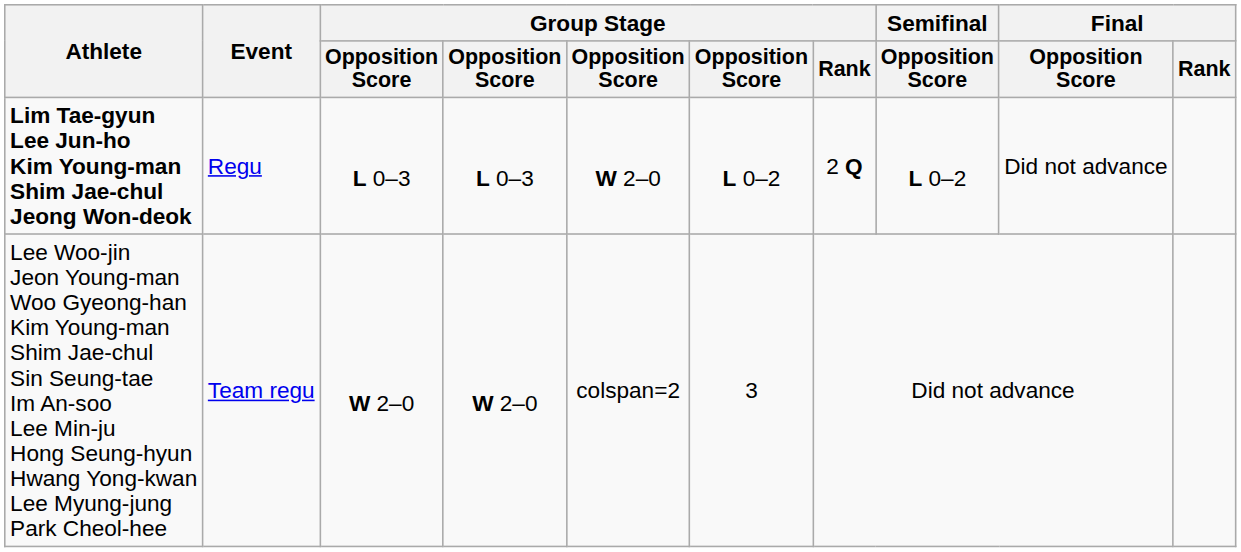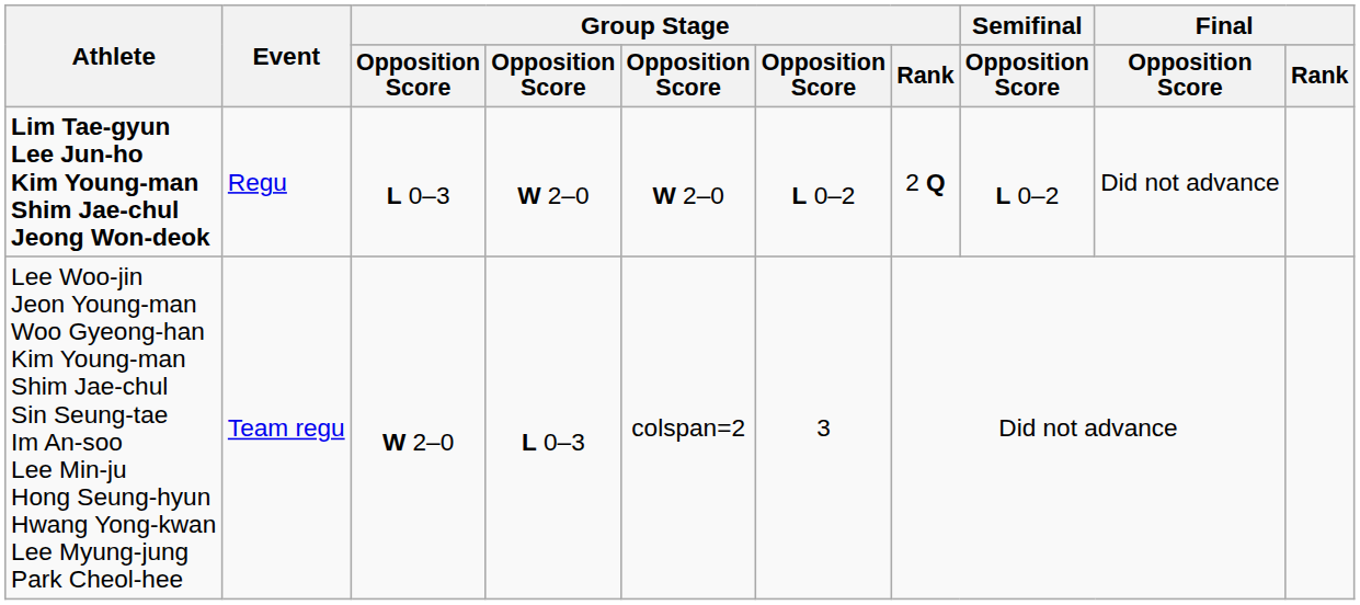 <table class=wikitable style=font-size:90%;text-align:center>
 <tr>
 <th rowspan="2">Athlete</th>
 <th rowspan="2">Event</th>
 <th colspan=5>Group Stage</th>
 <th>Semifinal</th>
 <th colspan=2>Final</th>
 </tr>
 <tr style="font-size:95%">
 <th>Opposition<br>Score</th>
 <th>Opposition<br>Score</th>
 <th>Opposition<br>Score</th>
 <th>Opposition<br>Score</th>
 <th>Rank</th>
 <th>Opposition<br>Score</th>
 <th>Opposition<br>Score</th>
 <th>Rank</th>
 </tr>
 <tr>
 <td align=left><strong>Lim Tae-gyun<br>Lee Jun-ho<br>Kim Young-man<br>Shim Jae-chul<br>Jeong Won-deok</strong></td>
 <td align=left><a href='#'>Regu</a></td>
 <td><br><strong>L</strong> 0–3</td>
-<td><br><strong>L</strong> 0–3</td>
+<td><br><strong>W</strong> 2–0</td>
 <td><br><strong>W</strong> 2–0</td>
 <td><br><strong>L</strong> 0–2</td>
 <td>2 <strong>Q</strong></td>
 <td><br><strong>L</strong> 0–2</td>
 <td>Did not advance</td>
 <td></td>
 </tr>
 <tr>
 <td align=left>Lee Woo-jin<br>Jeon Young-man<br>Woo Gyeong-han<br>Kim Young-man<br>Shim Jae-chul<br>Sin Seung-tae<br>Im An-soo<br>Lee Min-ju<br>Hong Seung-hyun<br>Hwang Yong-kwan<br>Lee Myung-jung<br>Park Cheol-hee</td>
 <td align=left><a href='#'>Team regu</a></td>
 <td><br><strong>W</strong> 2–0</td>
-<td><br><strong>W</strong> 2–0</td>
+<td><br><strong>L</strong> 0–3</td>
 <td>colspan=2 </td>
 <td>3</td>
 <td colspan=3>Did not advance</td>
 </tr>
 </table>
